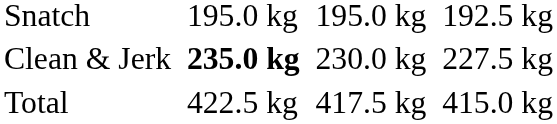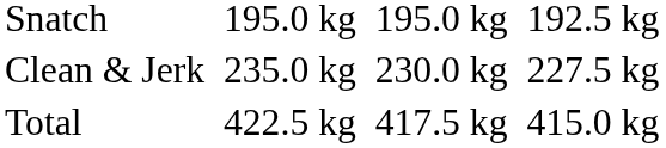 <table>
 <tr>
 <td>Snatch</td>
 <td></td>
 <td>195.0 kg</td>
 <td></td>
 <td>195.0 kg</td>
 <td></td>
 <td>192.5 kg</td>
 </tr>
 <tr>
 <td>Clean & Jerk</td>
 <td></td>
-<td><strong>235.0 kg</strong></td>
+<td>235.0 kg</td>
 <td></td>
 <td>230.0 kg</td>
 <td></td>
 <td>227.5 kg</td>
 </tr>
 <tr>
 <td>Total</td>
 <td></td>
 <td>422.5 kg</td>
 <td></td>
 <td>417.5 kg</td>
 <td></td>
 <td>415.0 kg</td>
 </tr>
 </table>
